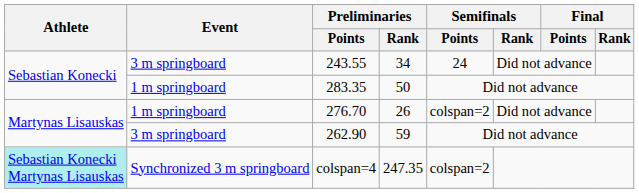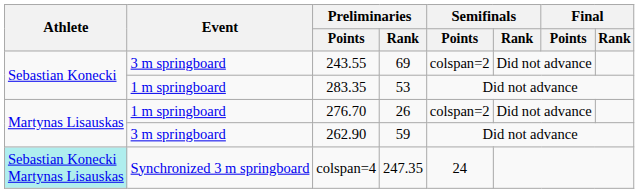 <table class="wikitable" style="font-size:90%">
 <tr>
 <th rowspan="2">Athlete</th>
 <th rowspan="2">Event</th>
 <th colspan="2">Preliminaries</th>
 <th colspan="2">Semifinals</th>
 <th colspan="2">Final</th>
 </tr>
 <tr style="font-size:95%">
 <th>Points</th>
 <th>Rank</th>
 <th>Points</th>
 <th>Rank</th>
 <th>Points</th>
 <th>Rank</th>
 </tr>
 <tr align=center>
 <td align=left rowspan=2><a href='#'>Sebastian Konecki</a></td>
 <td align=left><a href='#'>3 m springboard</a></td>
 <td>243.55</td>
-<td>34</td>
-<td>24</td>
+<td>69</td>
+<td>colspan=2</td>
 <td colspan=2>Did not advance</td>
 </tr>
 <tr align=center>
 <td align=left><a href='#'>1 m springboard</a></td>
 <td>283.35</td>
-<td>50</td>
+<td>53</td>
 <td colspan=4>Did not advance</td>
 </tr>
 <tr align=center>
 <td align=left rowspan=2><a href='#'>Martynas Lisauskas</a></td>
 <td align=left><a href='#'>1 m springboard</a></td>
 <td>276.70</td>
 <td>26</td>
 <td>colspan=2</td>
 <td colspan=2>Did not advance</td>
 </tr>
 <tr align=center>
 <td align=left><a href='#'>3 m springboard</a></td>
 <td>262.90</td>
 <td>59</td>
 <td colspan=4>Did not advance</td>
 </tr>
 <tr align=center>
 <td align=left style="background: paleturquoise;"><a href='#'>Sebastian Konecki</a><br><a href='#'>Martynas Lisauskas</a></td>
 <td align=left><a href='#'>Synchronized 3 m springboard</a></td>
 <td>colspan=4</td>
 <td>247.35</td>
-<td>colspan=2</td>
+<td>24</td>
 </tr>
 </table>
